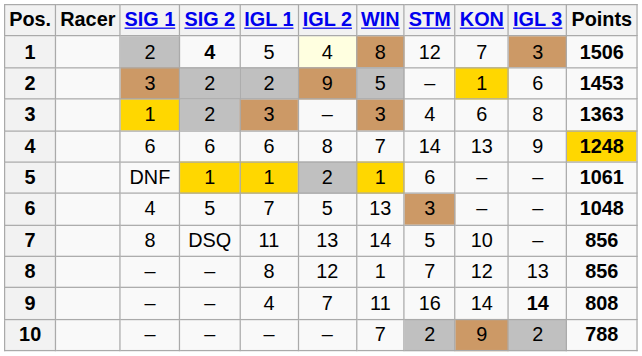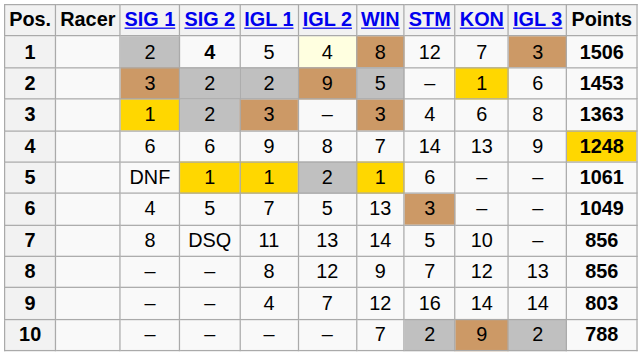 <table class="wikitable sortable plainrowheaders" style="text-align:center;">
 <tr>
 <th scope="col">Pos.</th>
 <th scope="col">Racer</th>
 <th scope="col"><strong> <a href='#'>SIG 1</a></strong></th>
 <th scope="col"><strong> <a href='#'>SIG 2</a></strong></th>
 <th scope="col"><strong> <a href='#'>IGL 1</a></strong></th>
 <th scope="col"><strong> <a href='#'>IGL 2</a></strong></th>
 <th scope="col"><strong> <a href='#'>WIN</a></strong></th>
 <th scope="col"><strong> <a href='#'>STM</a></strong></th>
 <th scope="col"><strong> <a href='#'>KON</a></strong></th>
 <th scope="col"><strong> <a href='#'>IGL  3</a></strong></th>
 <th style="width:45px;">Points</th>
 </tr>
 <tr>
 <th style="text-align:center;">1</th>
 <td align="left"></td>
 <td style="background:silver;">2</td>
 <td><strong>4</strong></td>
 <td>5</td>
 <td style="background: lightyellow;">4</td>
 <td style="background:#c96;">8</td>
 <td>12</td>
 <td>7</td>
 <td style="background:#c96;">3</td>
 <td><strong>1506</strong></td>
 </tr>
 <tr>
 <th style="text-align:center;">2</th>
 <td align="left"></td>
 <td style="background:#c96;">3</td>
 <td style="background:silver;">2</td>
 <td style="background:silver;">2</td>
 <td style="background:#c96;">9</td>
 <td style="background:silver;">5</td>
 <td>–</td>
 <td style="background:gold;">1</td>
 <td>6</td>
 <td><strong>1453</strong></td>
 </tr>
 <tr>
 <th style="text-align:center;">3</th>
 <td align="left"></td>
 <td style="background:gold;">1</td>
 <td style="background:silver;">2</td>
 <td style="background:#c96;">3</td>
 <td>–</td>
 <td style="background:#c96;">3</td>
 <td>4</td>
 <td>6</td>
 <td>8</td>
 <td><strong>1363</strong></td>
 </tr>
 <tr>
 <th style="text-align:center;">4</th>
 <td align="left"></td>
 <td>6</td>
 <td>6</td>
-<td>6</td>
+<td>9</td>
 <td>8</td>
 <td>7</td>
 <td>14</td>
 <td>13</td>
 <td>9</td>
 <td style="background: gold;"><strong>1248</strong></td>
 </tr>
 <tr>
 <th style="text-align:center;">5</th>
 <td align="left"></td>
 <td>DNF</td>
 <td style="background:gold;">1</td>
 <td style="background:gold;">1</td>
 <td style="background:silver;">2</td>
 <td style="background:gold;">1</td>
 <td>6</td>
 <td>–</td>
 <td>–</td>
 <td><strong>1061</strong></td>
 </tr>
 <tr>
 <th style="text-align:center;">6</th>
 <td align="left"></td>
 <td>4</td>
 <td>5</td>
 <td>7</td>
 <td>5</td>
 <td>13</td>
 <td style="background:#c96;">3</td>
 <td>–</td>
 <td>–</td>
-<td><strong>1048</strong></td>
+<td><strong>1049</strong></td>
 </tr>
 <tr>
 <th style="text-align:center;">7</th>
 <td align="left"></td>
 <td>8</td>
 <td>DSQ</td>
 <td>11</td>
 <td>13</td>
 <td>14</td>
 <td>5</td>
 <td>10</td>
 <td>–</td>
 <td><strong>856</strong></td>
 </tr>
 <tr>
 <th style="text-align:center;">8</th>
 <td align="left"></td>
 <td>–</td>
 <td>–</td>
 <td>8</td>
 <td>12</td>
-<td>1</td>
+<td>9</td>
 <td>7</td>
 <td>12</td>
 <td>13</td>
 <td><strong>856</strong></td>
 </tr>
 <tr>
 <th style="text-align:center;">9</th>
 <td align="left"></td>
 <td>–</td>
 <td>–</td>
 <td>4</td>
 <td>7</td>
-<td>11</td>
+<td>12</td>
 <td>16</td>
 <td>14</td>
-<td><strong>14</strong></td>
-<td><strong>808</strong></td>
+<td>14</td>
+<td><strong>803</strong></td>
 </tr>
 <tr>
 <th style="text-align:center;">10</th>
 <td align="left"></td>
 <td>–</td>
 <td>–</td>
 <td>–</td>
 <td>–</td>
 <td>7</td>
 <td style="background:silver;">2</td>
 <td style="background:#c96;">9</td>
 <td style="background:silver;">2</td>
 <td><strong>788</strong></td>
 </tr>
 </table>
